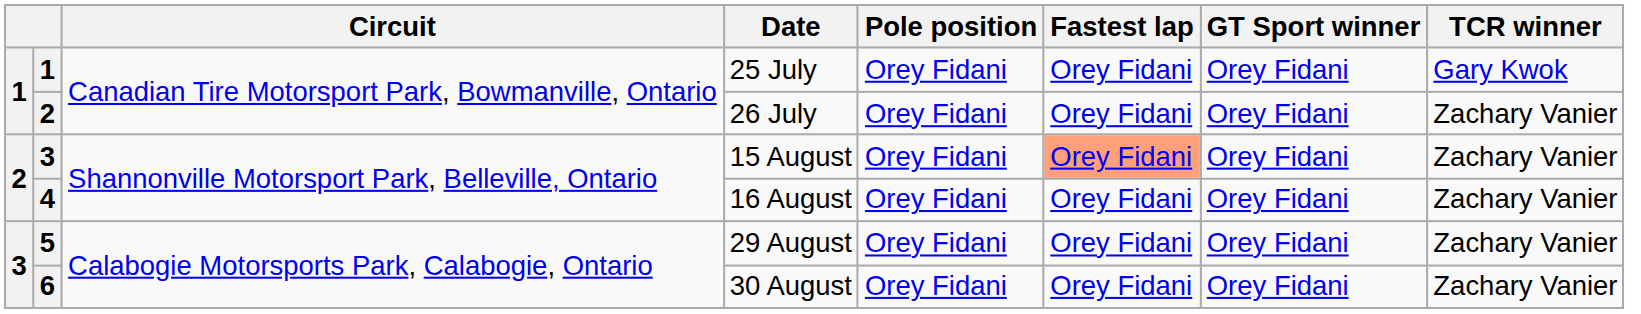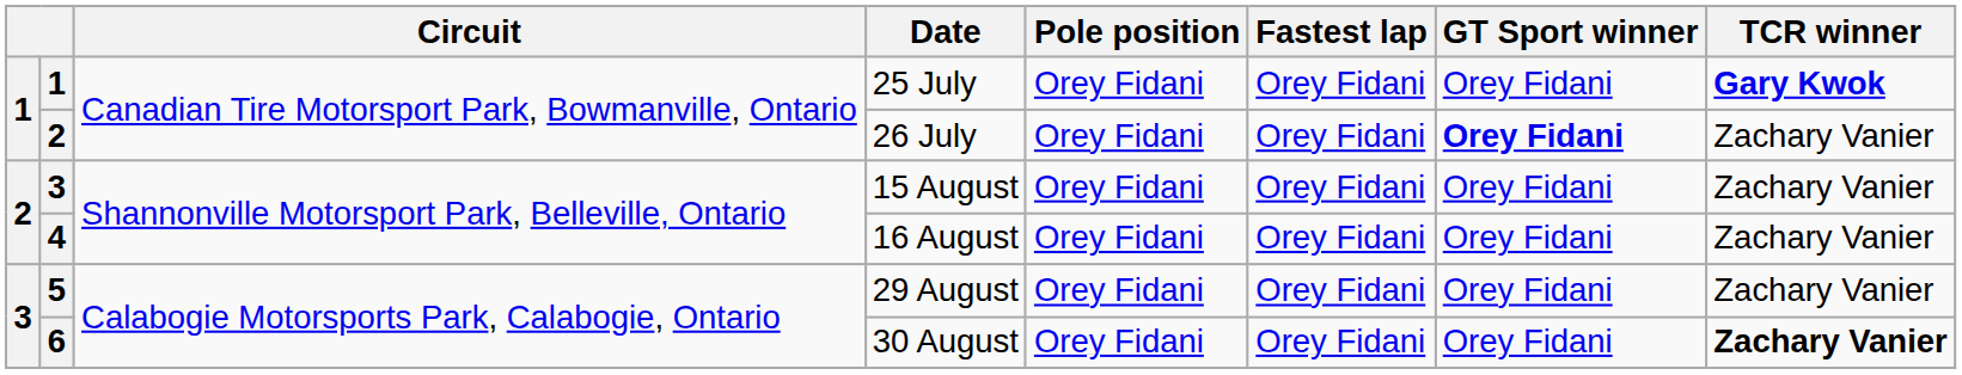 <table class="wikitable" style="font-size: 85%;">
 <tr>
 <th colspan="2"></th>
 <th>Circuit</th>
 <th>Date</th>
 <th>Pole position</th>
 <th>Fastest lap</th>
 <th>GT Sport winner</th>
 <th>TCR winner</th>
 </tr>
 <tr>
 <th rowspan="2">1</th>
 <th>1</th>
 <td rowspan="2"><a href='#'>Canadian Tire Motorsport Park</a>, <a href='#'>Bowmanville</a>, <a href='#'>Ontario</a></td>
 <td>25 July</td>
 <td> <a href='#'>Orey Fidani</a></td>
 <td> <a href='#'>Orey Fidani</a></td>
 <td> <a href='#'>Orey Fidani</a></td>
-<td> <a href='#'>Gary Kwok</a></td>
+<td><strong> <a href='#'>Gary Kwok</a></strong></td>
 </tr>
 <tr>
 <th>2</th>
 <td>26 July</td>
 <td> <a href='#'>Orey Fidani</a></td>
 <td> <a href='#'>Orey Fidani</a></td>
-<td> <a href='#'>Orey Fidani</a></td>
+<td><strong> <a href='#'>Orey Fidani</a></strong></td>
 <td> Zachary Vanier</td>
 </tr>
 <tr>
 <th rowspan="2">2</th>
 <th>3</th>
 <td rowspan="2"><a href='#'>Shannonville Motorsport Park</a>, <a href='#'>Belleville, Ontario</a></td>
 <td>15 August</td>
 <td> <a href='#'>Orey Fidani</a></td>
-<td style="background: lightsalmon;"> <a href='#'>Orey Fidani</a></td>
+<td> <a href='#'>Orey Fidani</a></td>
 <td> <a href='#'>Orey Fidani</a></td>
 <td> Zachary Vanier</td>
 </tr>
 <tr>
 <th>4</th>
 <td>16 August</td>
 <td> <a href='#'>Orey Fidani</a></td>
 <td> <a href='#'>Orey Fidani</a></td>
 <td> <a href='#'>Orey Fidani</a></td>
 <td> Zachary Vanier</td>
 </tr>
 <tr>
 <th rowspan="2">3</th>
 <th>5</th>
 <td rowspan="2"><a href='#'>Calabogie Motorsports Park</a>, <a href='#'>Calabogie</a>, <a href='#'>Ontario</a></td>
 <td>29 August</td>
 <td> <a href='#'>Orey Fidani</a></td>
 <td> <a href='#'>Orey Fidani</a></td>
 <td> <a href='#'>Orey Fidani</a></td>
 <td> Zachary Vanier</td>
 </tr>
 <tr>
 <th>6</th>
 <td>30 August</td>
 <td> <a href='#'>Orey Fidani</a></td>
 <td> <a href='#'>Orey Fidani</a></td>
 <td> <a href='#'>Orey Fidani</a></td>
-<td> Zachary Vanier</td>
+<td><strong> Zachary Vanier</strong></td>
 </tr>
 </table>
